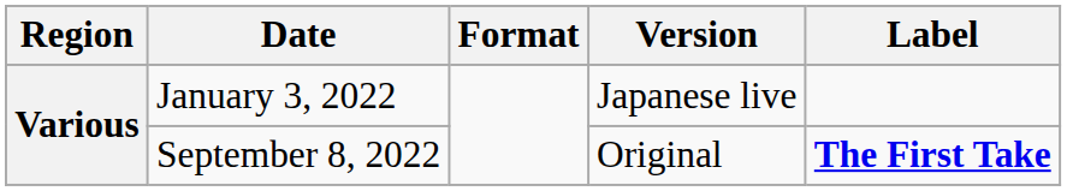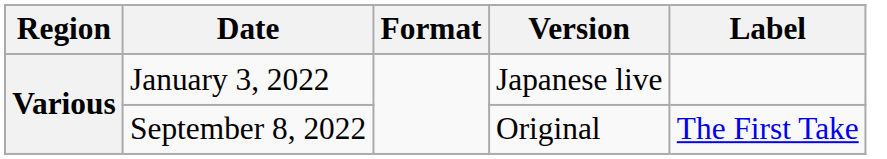 <table class="wikitable plainrowheaders">
 <tr>
 <th scope="col">Region</th>
 <th scope="col">Date</th>
 <th scope="col">Format</th>
 <th scope="col">Version</th>
 <th scope="col">Label</th>
 </tr>
 <tr>
 <th scope="row" rowspan="2">Various</th>
 <td>January 3, 2022</td>
 <td rowspan="2"></td>
 <td>Japanese live</td>
 <td></td>
 </tr>
 <tr>
 <td>September 8, 2022</td>
 <td>Original</td>
-<td><strong><a href='#'>The First Take</a></strong></td>
+<td><a href='#'>The First Take</a></td>
 </tr>
 </table>
